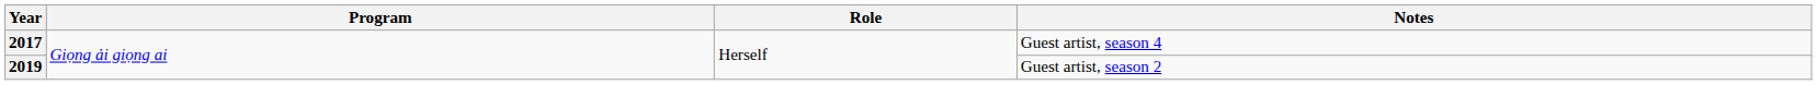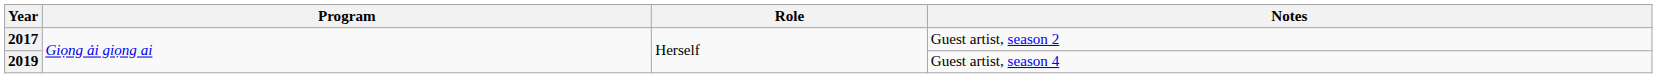 <table class="wikitable" style="line-height:15px; width:auto; font-size:90%;">
 <tr>
 <th width="01%">Year</th>
 <th>Program</th>
 <th>Role</th>
 <th>Notes</th>
 </tr>
 <tr>
 <th>2017</th>
 <td rowspan="2"><em><a href='#'>Giọng ải giọng ai</a></em></td>
 <td rowspan="2">Herself</td>
-<td>Guest artist, <a href='#'>season 4</a></td>
+<td>Guest artist, <a href='#'>season 2</a></td>
 </tr>
 <tr>
 <th>2019</th>
-<td>Guest artist, <a href='#'>season 2</a></td>
+<td>Guest artist, <a href='#'>season 4</a></td>
 </tr>
 </table>
